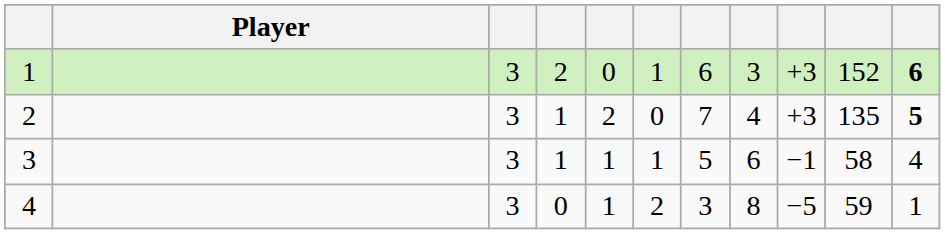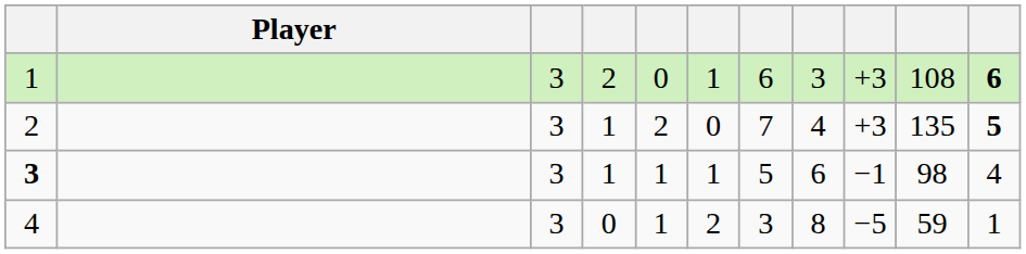 <table class="wikitable" style="text-align:center; margin: 1em auto 1em auto, align:left">
 <tr>
 <th width=20></th>
 <th width=240>Player</th>
 <th width=20></th>
 <th width=20></th>
 <th width=20></th>
 <th width=20></th>
 <th width=20></th>
 <th width=20></th>
 <th width=20></th>
 <th width=30></th>
 <th width=20></th>
 </tr>
 <tr style="background:#D0F0C0;">
 <td>1</td>
 <td align=left></td>
 <td>3</td>
 <td>2</td>
 <td>0</td>
 <td>1</td>
 <td>6</td>
 <td>3</td>
 <td>+3</td>
-<td>152</td>
+<td>108</td>
 <td><strong>6</strong></td>
 </tr>
 <tr style=>
 <td>2</td>
 <td align=left></td>
 <td>3</td>
 <td>1</td>
 <td>2</td>
 <td>0</td>
 <td>7</td>
 <td>4</td>
 <td>+3</td>
 <td>135</td>
 <td><strong>5</strong></td>
 </tr>
 <tr style=>
-<td>3</td>
+<td><strong>3</strong></td>
 <td align=left></td>
 <td>3</td>
 <td>1</td>
 <td>1</td>
 <td>1</td>
 <td>5</td>
 <td>6</td>
 <td>−1</td>
-<td>58</td>
+<td>98</td>
 <td>4</td>
 </tr>
 <tr style=>
 <td>4</td>
 <td align=left></td>
 <td>3</td>
 <td>0</td>
 <td>1</td>
 <td>2</td>
 <td>3</td>
 <td>8</td>
 <td>−5</td>
 <td>59</td>
 <td>1</td>
 </tr>
 </table>
